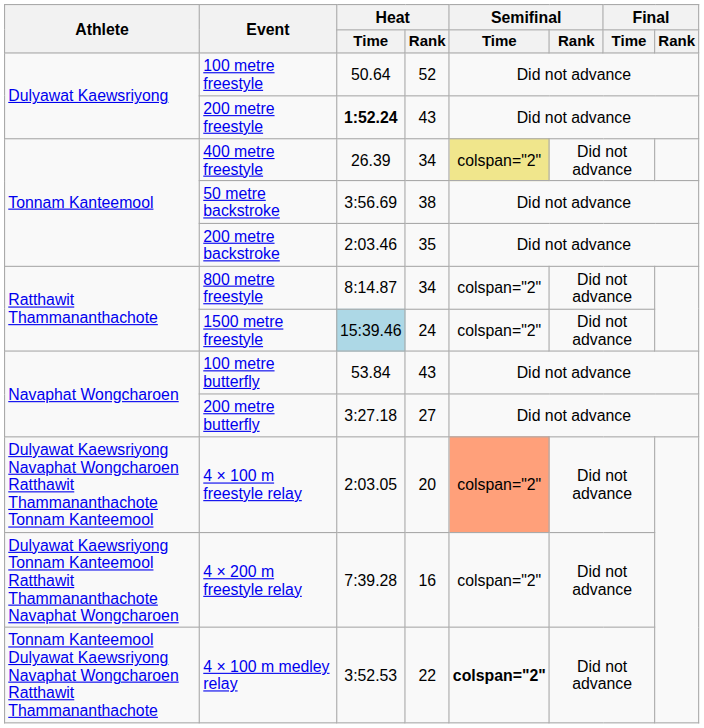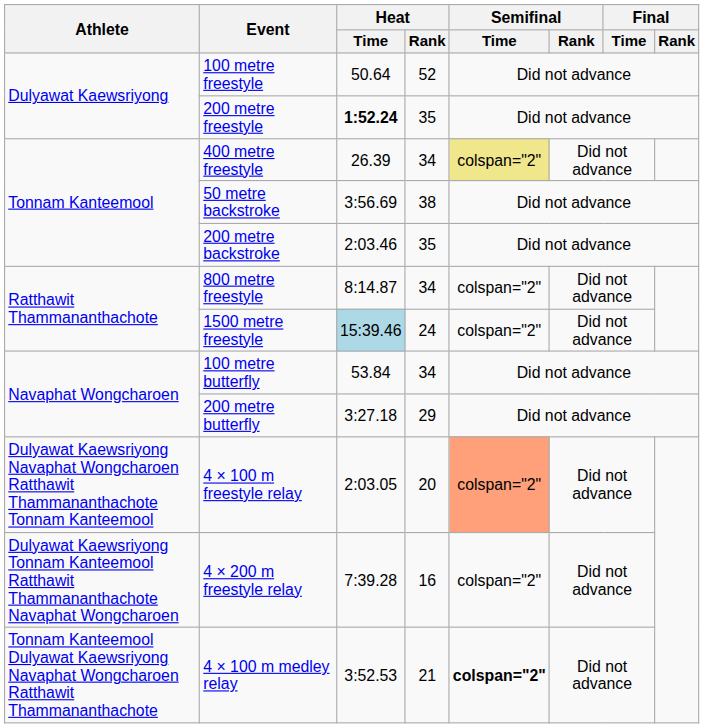 <table class="wikitable" style="text-align:center; font-size:90%; width:50%;">
 <tr>
 <th rowspan="2">Athlete</th>
 <th rowspan="2">Event</th>
 <th colspan="2">Heat</th>
 <th colspan="2">Semifinal</th>
 <th colspan="2">Final</th>
 </tr>
 <tr style="font-size:95%">
 <th>Time</th>
 <th>Rank</th>
 <th>Time</th>
 <th>Rank</th>
 <th>Time</th>
 <th>Rank</th>
 </tr>
 <tr>
 <td align=left rowspan=2><a href='#'>Dulyawat Kaewsriyong</a></td>
 <td align=left><a href='#'>100 metre freestyle</a></td>
 <td>50.64</td>
 <td>52</td>
 <td colspan=4>Did not advance</td>
 </tr>
 <tr>
 <td align=left><a href='#'>200 metre freestyle</a></td>
 <td><strong>1:52.24</strong></td>
-<td>43</td>
+<td>35</td>
 <td colspan=4>Did not advance</td>
 </tr>
 <tr align=center>
 <td align=left rowspan="3"><a href='#'>Tonnam Kanteemool</a></td>
 <td align=left><a href='#'>400 metre freestyle</a></td>
 <td>26.39</td>
 <td>34</td>
 <td style="background: khaki;">colspan="2" </td>
 <td colspan="2">Did not advance</td>
 </tr>
 <tr align=center>
 <td align=left><a href='#'>50 metre backstroke</a></td>
 <td>3:56.69</td>
 <td>38</td>
 <td colspan=4>Did not advance</td>
 </tr>
 <tr align=center>
 <td align=left><a href='#'>200 metre backstroke</a></td>
 <td>2:03.46</td>
 <td>35</td>
 <td colspan=4>Did not advance</td>
 </tr>
 <tr>
 <td align=left rowspan=2><a href='#'>Ratthawit Thammananthachote</a></td>
 <td align=left><a href='#'>800 metre freestyle</a></td>
 <td>8:14.87</td>
 <td>34</td>
 <td>colspan="2" </td>
 <td colspan="2">Did not advance</td>
 </tr>
 <tr>
 <td align=left><a href='#'>1500 metre freestyle</a></td>
 <td style="background: lightblue;">15:39.46</td>
 <td>24</td>
 <td>colspan="2" </td>
 <td colspan="2">Did not advance</td>
 </tr>
 <tr>
 <td align=left rowspan=2><a href='#'>Navaphat Wongcharoen</a></td>
 <td align=left><a href='#'>100 metre butterfly</a></td>
 <td>53.84</td>
-<td>43</td>
+<td>34</td>
 <td colspan=4>Did not advance</td>
 </tr>
 <tr>
 <td align=left><a href='#'>200 metre butterfly</a></td>
 <td>3:27.18</td>
-<td>27</td>
+<td>29</td>
 <td colspan=4>Did not advance</td>
 </tr>
 <tr align=center>
 <td align=left><a href='#'>Dulyawat Kaewsriyong</a> <br><a href='#'>Navaphat Wongcharoen</a> <br><a href='#'>Ratthawit Thammananthachote</a> <br><a href='#'>Tonnam Kanteemool</a></td>
 <td align=left><a href='#'>4 × 100 m freestyle relay</a></td>
 <td>2:03.05</td>
 <td>20</td>
 <td style="background: lightsalmon;">colspan="2" </td>
 <td colspan="2">Did not advance</td>
 </tr>
 <tr>
 <td align=left><a href='#'>Dulyawat Kaewsriyong</a>  <br><a href='#'>Tonnam Kanteemool</a>  <br><a href='#'>Ratthawit Thammananthachote</a>  <br> <a href='#'>Navaphat Wongcharoen</a></td>
 <td align=left><a href='#'>4 × 200 m freestyle relay</a></td>
 <td>7:39.28</td>
 <td>16</td>
 <td>colspan="2" </td>
 <td colspan="2">Did not advance</td>
 </tr>
 <tr>
 <td align=left><a href='#'>Tonnam Kanteemool</a> <br> <a href='#'>Dulyawat Kaewsriyong</a> <br> <a href='#'>Navaphat Wongcharoen</a>  <br><a href='#'>Ratthawit Thammananthachote</a></td>
 <td align=left><a href='#'>4 × 100 m medley relay</a></td>
 <td>3:52.53</td>
-<td>22</td>
+<td>21</td>
 <td><strong>colspan="2" </strong></td>
 <td colspan=2>Did not advance</td>
 </tr>
 </table>
